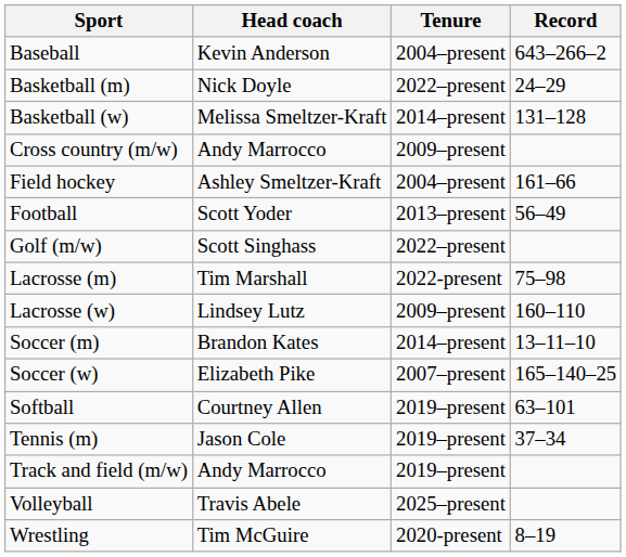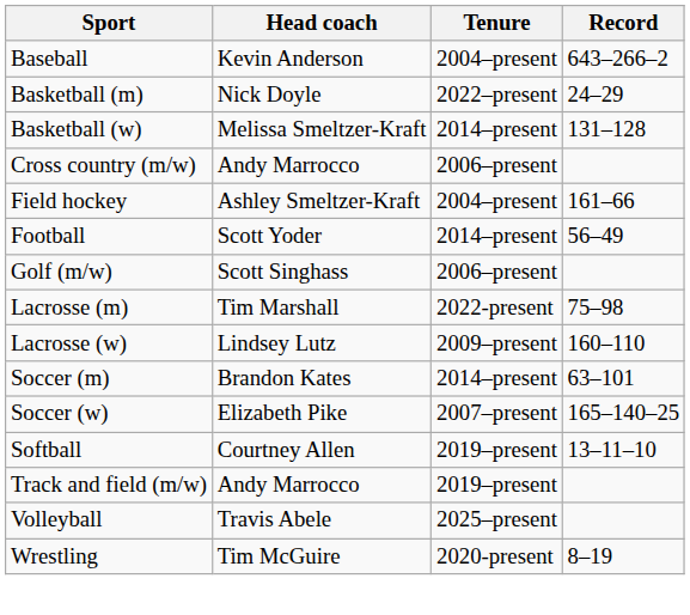 <table class="wikitable"; style= "text-align: ">
 <tr>
 <th width=px>Sport</th>
 <th width=px>Head coach</th>
 <th width=px>Tenure</th>
 <th width=px>Record</th>
 </tr>
 <tr>
 <td>Baseball</td>
 <td>Kevin Anderson</td>
 <td>2004–present</td>
 <td>643–266–2</td>
 </tr>
 <tr>
 <td>Basketball (m)</td>
 <td>Nick Doyle</td>
 <td>2022–present</td>
 <td>24–29</td>
 </tr>
 <tr>
 <td>Basketball (w)</td>
 <td>Melissa Smeltzer-Kraft</td>
 <td>2014–present</td>
 <td>131–128</td>
 </tr>
 <tr>
 <td>Cross country (m/w)</td>
 <td>Andy Marrocco</td>
-<td>2009–present</td>
+<td>2006–present</td>
 </tr>
 <tr>
 <td>Field hockey</td>
 <td>Ashley Smeltzer-Kraft</td>
 <td>2004–present</td>
 <td>161–66</td>
 </tr>
 <tr>
 <td>Football</td>
 <td>Scott Yoder</td>
-<td>2013–present</td>
+<td>2014–present</td>
 <td>56–49</td>
 </tr>
 <tr>
 <td>Golf (m/w)</td>
 <td>Scott Singhass</td>
-<td>2022–present</td>
+<td>2006–present</td>
 <td></td>
 </tr>
 <tr>
 <td>Lacrosse (m)</td>
 <td>Tim Marshall</td>
 <td>2022-present</td>
 <td>75–98</td>
 </tr>
 <tr>
 <td>Lacrosse (w)</td>
 <td>Lindsey Lutz</td>
 <td>2009–present</td>
 <td>160–110</td>
 </tr>
 <tr>
 <td>Soccer (m)</td>
 <td>Brandon Kates</td>
 <td>2014–present</td>
-<td>13–11–10</td>
+<td>63–101</td>
 </tr>
 <tr>
 <td>Soccer (w)</td>
 <td>Elizabeth Pike</td>
 <td>2007–present</td>
 <td>165–140–25</td>
 </tr>
 <tr>
 <td>Softball</td>
 <td>Courtney Allen</td>
 <td>2019–present</td>
-<td>63–101</td>
-</tr>
-<tr>
-<td>Tennis (m)</td>
-<td>Jason Cole</td>
-<td>2019–present</td>
-<td>37–34</td>
+<td>13–11–10</td>
 </tr>
 <tr>
 <td>Track and field (m/w)</td>
 <td>Andy Marrocco</td>
 <td>2019–present</td>
 <td></td>
 </tr>
 <tr>
 <td>Volleyball</td>
 <td>Travis Abele</td>
 <td>2025–present</td>
 <td></td>
 </tr>
 <tr>
 <td>Wrestling</td>
 <td>Tim McGuire</td>
 <td>2020-present</td>
 <td>8–19</td>
 </tr>
 </table>
